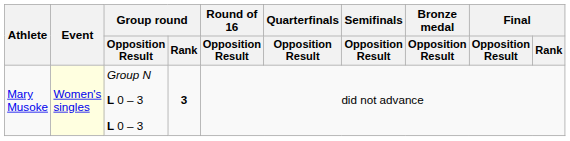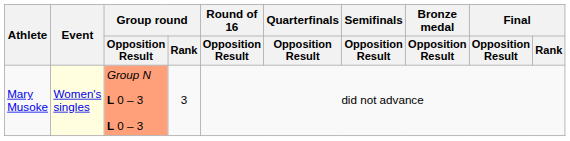 <table class="wikitable" style="font-size:90%;">
 <tr>
 <th rowspan="2">Athlete</th>
 <th rowspan="2">Event</th>
 <th colspan="2">Group round</th>
 <th>Round of 16</th>
 <th>Quarterfinals</th>
 <th>Semifinals</th>
 <th>Bronze medal</th>
 <th colspan=2>Final</th>
 </tr>
 <tr style="font-size:95%">
 <th>Opposition<br>Result</th>
 <th>Rank</th>
 <th>Opposition<br>Result</th>
 <th>Opposition<br>Result</th>
 <th>Opposition<br>Result</th>
 <th>Opposition<br>Result</th>
 <th>Opposition<br>Result</th>
 <th>Rank</th>
 </tr>
 <tr align=center>
 <td align=left><a href='#'>Mary Musoke</a></td>
 <td align=left style="background: lightyellow;"><a href='#'>Women's singles</a></td>
-<td align=left><em>Group N</em><br><br><strong>L</strong> 0 – 3<br><br><strong>L</strong> 0 – 3</td>
-<td><strong>3</strong></td>
+<td align=left style="background: lightsalmon;"><em>Group N</em><br><br><strong>L</strong> 0 – 3<br><br><strong>L</strong> 0 – 3</td>
+<td>3</td>
 <td colspan=6>did not advance</td>
 </tr>
 </table>
